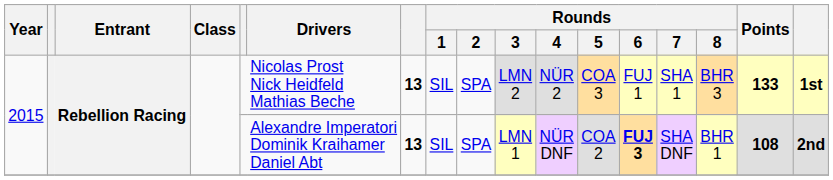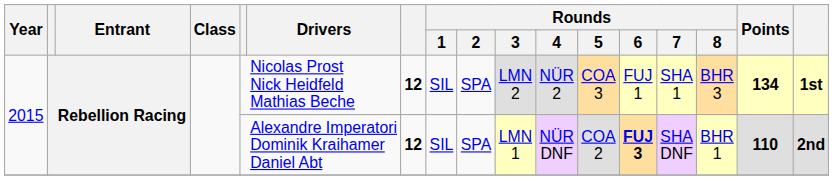 <table class="wikitable" style="text-align:center; font-size:90%">
 <tr>
 <th rowspan="2">Year</th>
 <th rowspan="2"></th>
 <th rowspan="2">Entrant</th>
 <th rowspan="2">Class</th>
 <th rowspan="2"></th>
 <th rowspan="2">Drivers</th>
 <th rowspan="2"></th>
 <th colspan="8">Rounds</th>
 <th rowspan="2">Points</th>
 <th rowspan="2"></th>
 </tr>
 <tr>
 <th>1</th>
 <th>2</th>
 <th>3</th>
 <th>4</th>
 <th>5</th>
 <th>6</th>
 <th>7</th>
 <th>8</th>
 </tr>
 <tr>
 <td rowspan="2"><a href='#'>2015</a></td>
 <th rowspan="2" style="border-right:0px"></th>
 <th rowspan="2" align="left" style="border-left:0px">Rebellion Racing</th>
 <td rowspan="2"></td>
 <td style="border-right:0px"><br><br></td>
 <td align="left" style="border-left:0px"><a href='#'>Nicolas Prost</a><br><a href='#'>Nick Heidfeld</a><br><a href='#'>Mathias Beche</a></td>
-<td><strong>13</strong></td>
+<td><strong>12</strong></td>
 <td><a href='#'>SIL</a><br></td>
 <td><a href='#'>SPA</a> <br></td>
 <td style="background:#DFDFDF;"><a href='#'>LMN</a><br>2</td>
 <td style="background:#DFDFDF;"><a href='#'>NÜR</a><br>2</td>
 <td style="background:#FFDF9F;"><a href='#'>COA</a><br>3</td>
 <td style="background:#FFFFBF;"><a href='#'>FUJ</a><br>1</td>
 <td style="background:#FFFFBF;"><a href='#'>SHA</a><br>1</td>
 <td style="background:#FFDF9F;"><a href='#'>BHR</a><br>3</td>
-<td style="background:#FFFFBF;"><strong>133</strong></td>
+<td style="background:#FFFFBF;"><strong>134</strong></td>
 <td style="background:#FFFFBF;"><strong>1st</strong></td>
 </tr>
 <tr>
 <td style="border-right:0px"><br><br></td>
 <td align="left" style="border-left:0px"><a href='#'>Alexandre Imperatori</a><br><a href='#'>Dominik Kraihamer</a><br><a href='#'>Daniel Abt</a></td>
-<td><strong>13</strong></td>
+<td><strong>12</strong></td>
 <td><a href='#'>SIL</a><br></td>
 <td><a href='#'>SPA</a><br></td>
 <td style="background:#FFFFBF;"><a href='#'>LMN</a><br>1</td>
 <td style="background:#efcfff;"><a href='#'>NÜR</a><br>DNF</td>
 <td style="background:#DFDFDF;"><a href='#'>COA</a><br>2</td>
 <td style="background:#FFDF9F;"><strong><a href='#'>FUJ</a><br>3</strong></td>
 <td style="background:#efcfff;"><a href='#'>SHA</a><br>DNF</td>
 <td style="background:#FFFFBF;"><a href='#'>BHR</a><br>1</td>
-<td style="background:#DFDFDF;"><strong>108</strong></td>
+<td style="background:#DFDFDF;"><strong>110</strong></td>
 <td style="background:#DFDFDF;"><strong>2nd</strong></td>
 </tr>
 <tr>
 </tr>
 </table>
